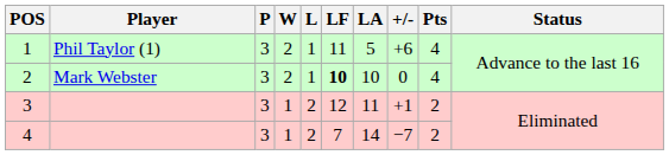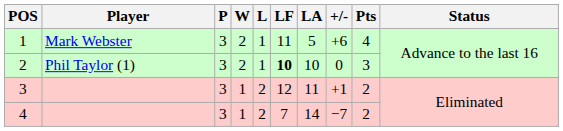 <table class="wikitable" style="text-align:center; margin: 1em auto 1em auto, align:left">
 <tr>
 <th width=20>POS</th>
 <th width=173>Player</th>
 <th width=3>P</th>
 <th width=3>W</th>
 <th width=3>L</th>
 <th width=20>LF</th>
 <th width=20>LA</th>
 <th width=20>+/-</th>
 <th width=20>Pts</th>
 <th width=179>Status</th>
 </tr>
 <tr style="background:#CCFFCC;">
 <td>1</td>
-<td style="text-align:left;"> <a href='#'>Phil Taylor</a> (1)</td>
+<td style="text-align:left;"> <a href='#'>Mark Webster</a></td>
 <td>3</td>
 <td>2</td>
 <td>1</td>
 <td>11</td>
 <td>5</td>
 <td>+6</td>
 <td>4</td>
 <td rowspan=2>Advance to the last 16</td>
 </tr>
 <tr style="background:#CCFFCC;">
 <td>2</td>
-<td style="text-align:left;"> <a href='#'>Mark Webster</a></td>
+<td style="text-align:left;"> <a href='#'>Phil Taylor</a> (1)</td>
 <td>3</td>
 <td>2</td>
 <td>1</td>
 <td><strong>10</strong></td>
 <td>10</td>
 <td>0</td>
-<td>4</td>
+<td>3</td>
 </tr>
 <tr style="background:#FFCCCC;">
 <td>3</td>
 <td style="text-align:left;"></td>
 <td>3</td>
 <td>1</td>
 <td>2</td>
 <td>12</td>
 <td>11</td>
 <td>+1</td>
 <td>2</td>
 <td rowspan=2>Eliminated</td>
 </tr>
 <tr style="background:#FFCCCC;">
 <td>4</td>
 <td style="text-align:left;"></td>
 <td>3</td>
 <td>1</td>
 <td>2</td>
 <td>7</td>
 <td>14</td>
 <td>−7</td>
 <td>2</td>
 </tr>
 </table>
